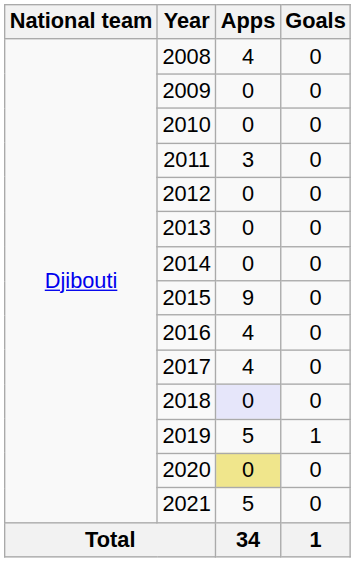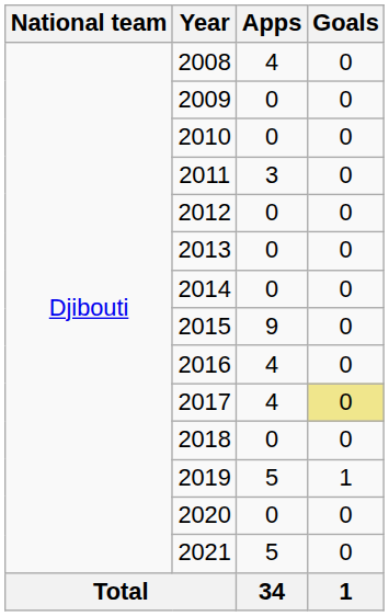 <table class="wikitable" style="text-align:center">
 <tr>
 <th>National team</th>
 <th>Year</th>
 <th>Apps</th>
 <th>Goals</th>
 </tr>
 <tr>
 <td rowspan="14"><a href='#'>Djibouti</a></td>
 <td>2008</td>
 <td>4</td>
 <td>0</td>
 </tr>
 <tr>
 <td>2009</td>
 <td>0</td>
 <td>0</td>
 </tr>
 <tr>
 <td>2010</td>
 <td>0</td>
 <td>0</td>
 </tr>
 <tr>
 <td>2011</td>
 <td>3</td>
 <td>0</td>
 </tr>
 <tr>
 <td>2012</td>
 <td>0</td>
 <td>0</td>
 </tr>
 <tr>
 <td>2013</td>
 <td>0</td>
 <td>0</td>
 </tr>
 <tr>
 <td>2014</td>
 <td>0</td>
 <td>0</td>
 </tr>
 <tr>
 <td>2015</td>
 <td>9</td>
 <td>0</td>
 </tr>
 <tr>
 <td>2016</td>
 <td>4</td>
 <td>0</td>
 </tr>
 <tr>
 <td>2017</td>
 <td>4</td>
-<td>0</td>
+<td style="background: khaki;">0</td>
 </tr>
 <tr>
 <td>2018</td>
-<td style="background: lavender;">0</td>
+<td>0</td>
 <td>0</td>
 </tr>
 <tr>
 <td>2019</td>
 <td>5</td>
 <td>1</td>
 </tr>
 <tr>
 <td>2020</td>
-<td style="background: khaki;">0</td>
+<td>0</td>
 <td>0</td>
 </tr>
 <tr>
 <td>2021</td>
 <td>5</td>
 <td>0</td>
 </tr>
 <tr>
 <th colspan="2">Total</th>
 <th>34</th>
 <th>1</th>
 </tr>
 </table>
